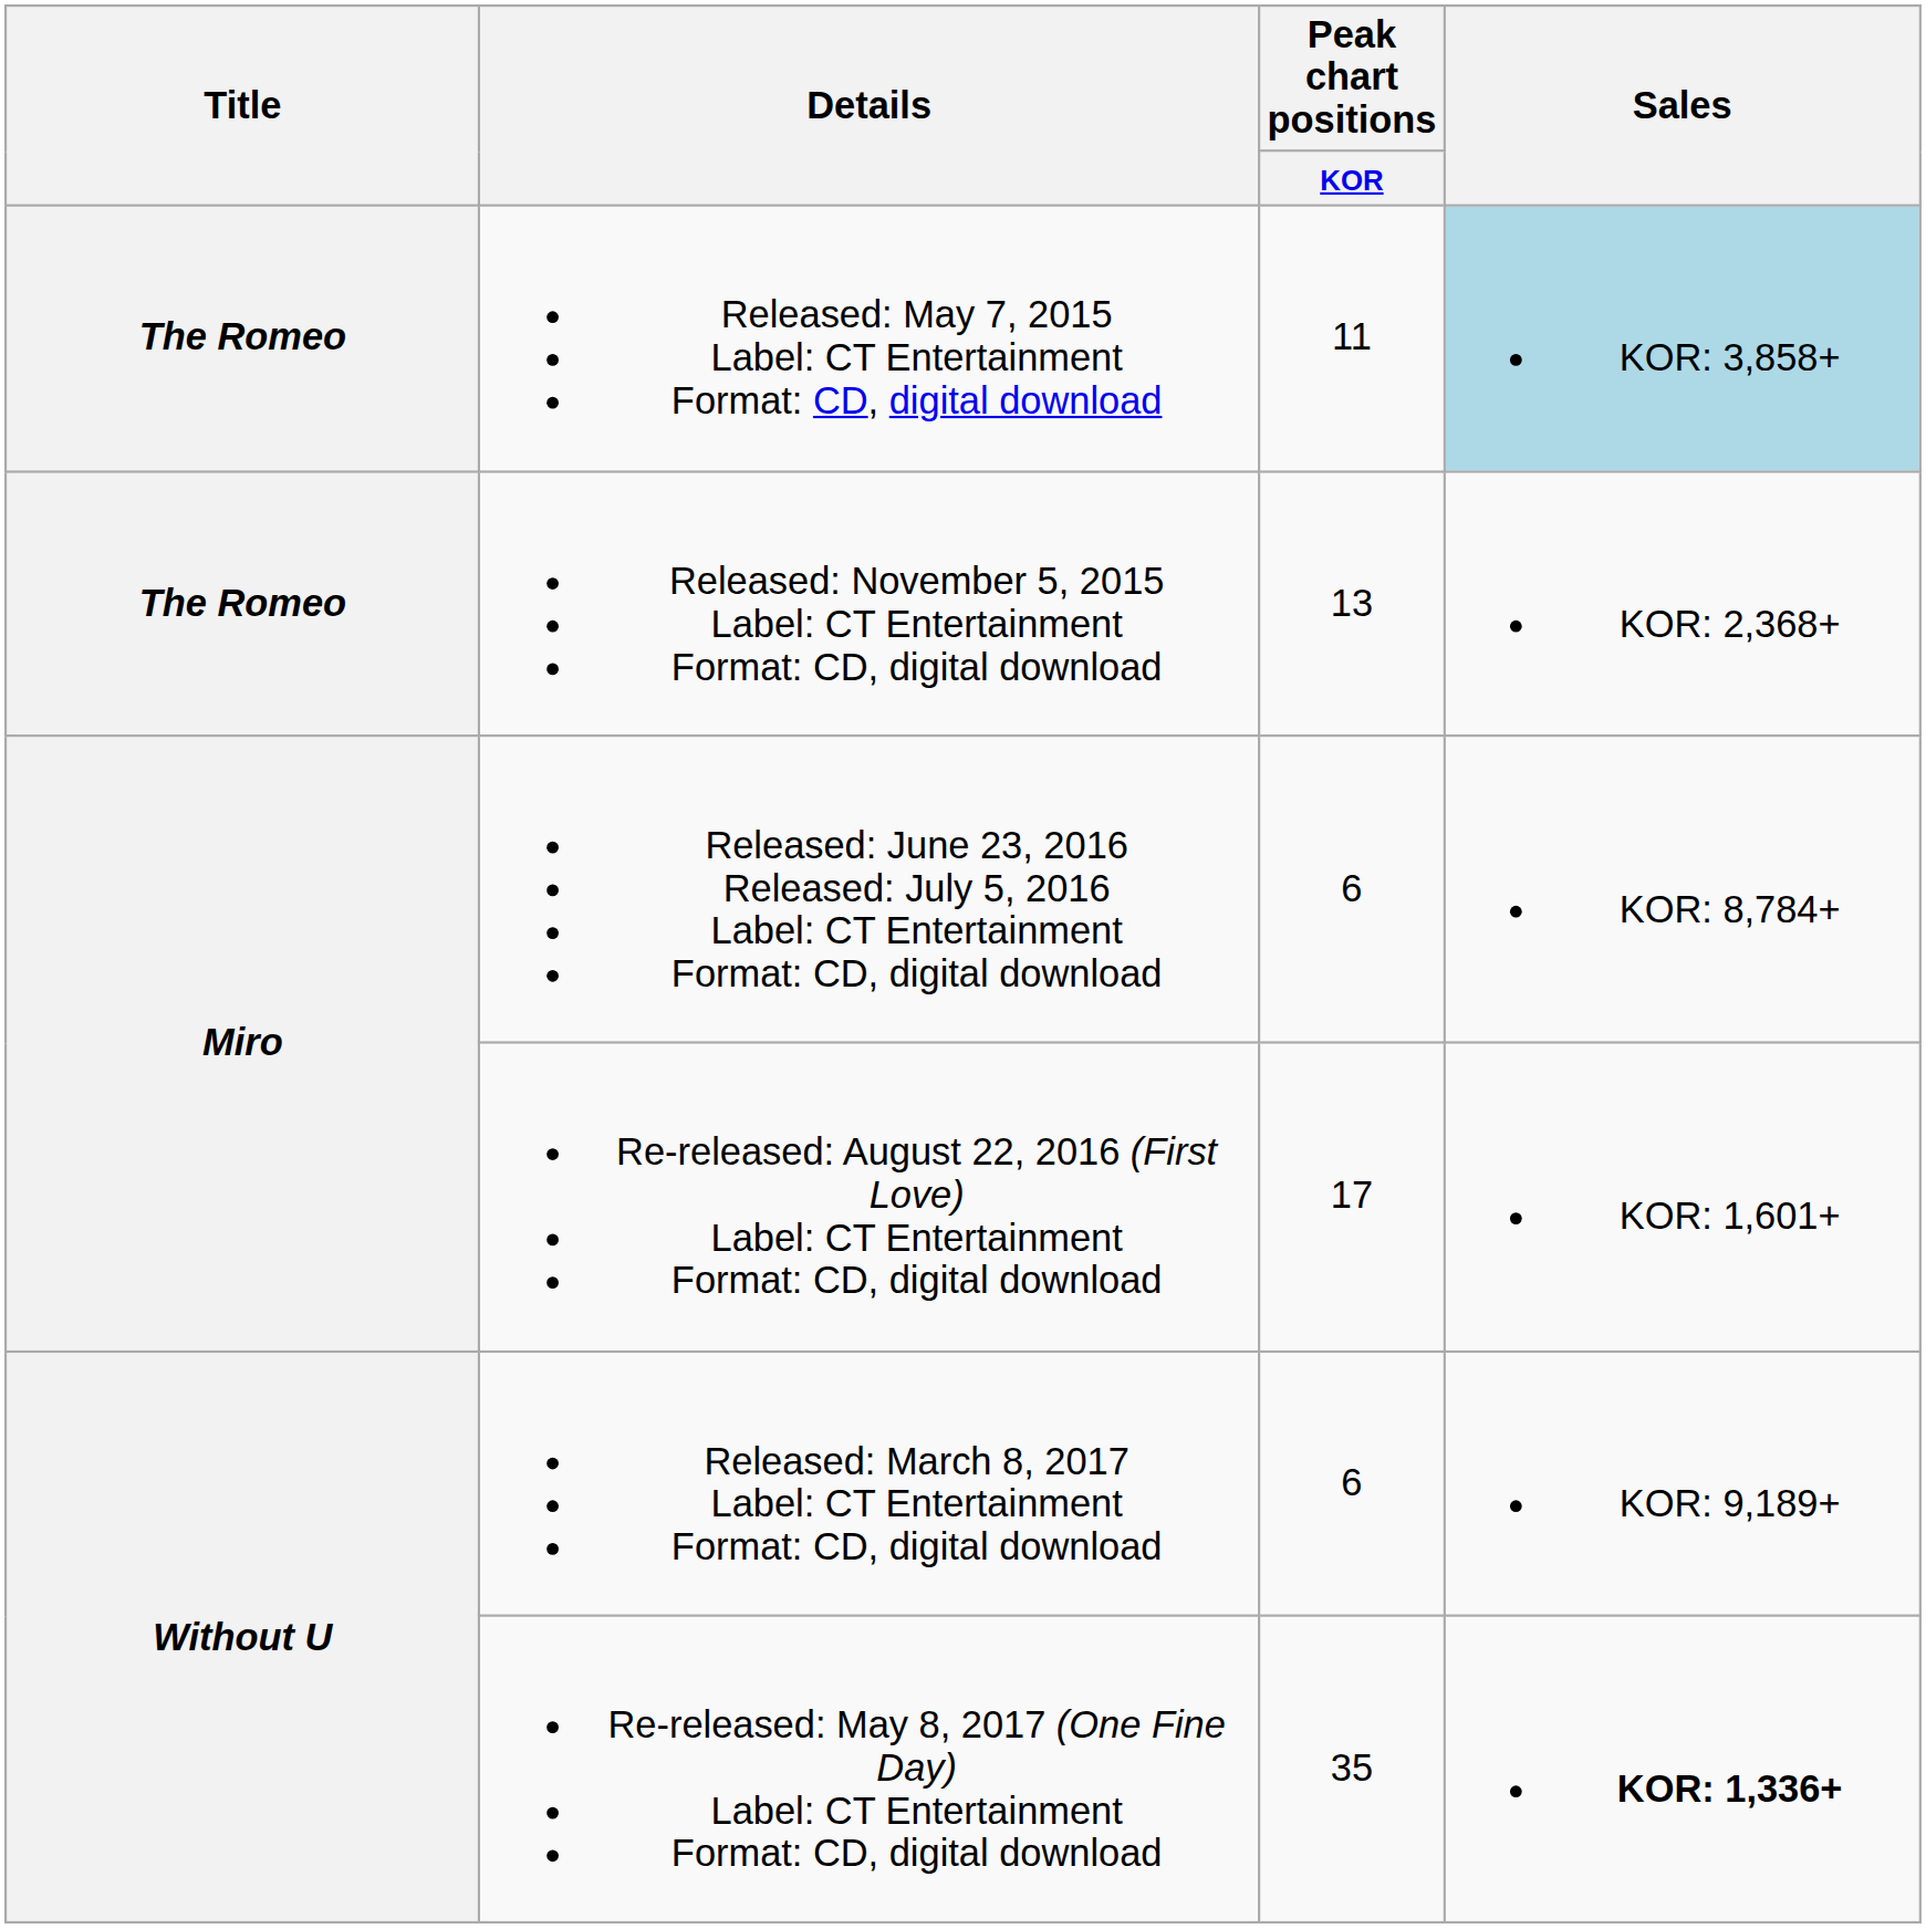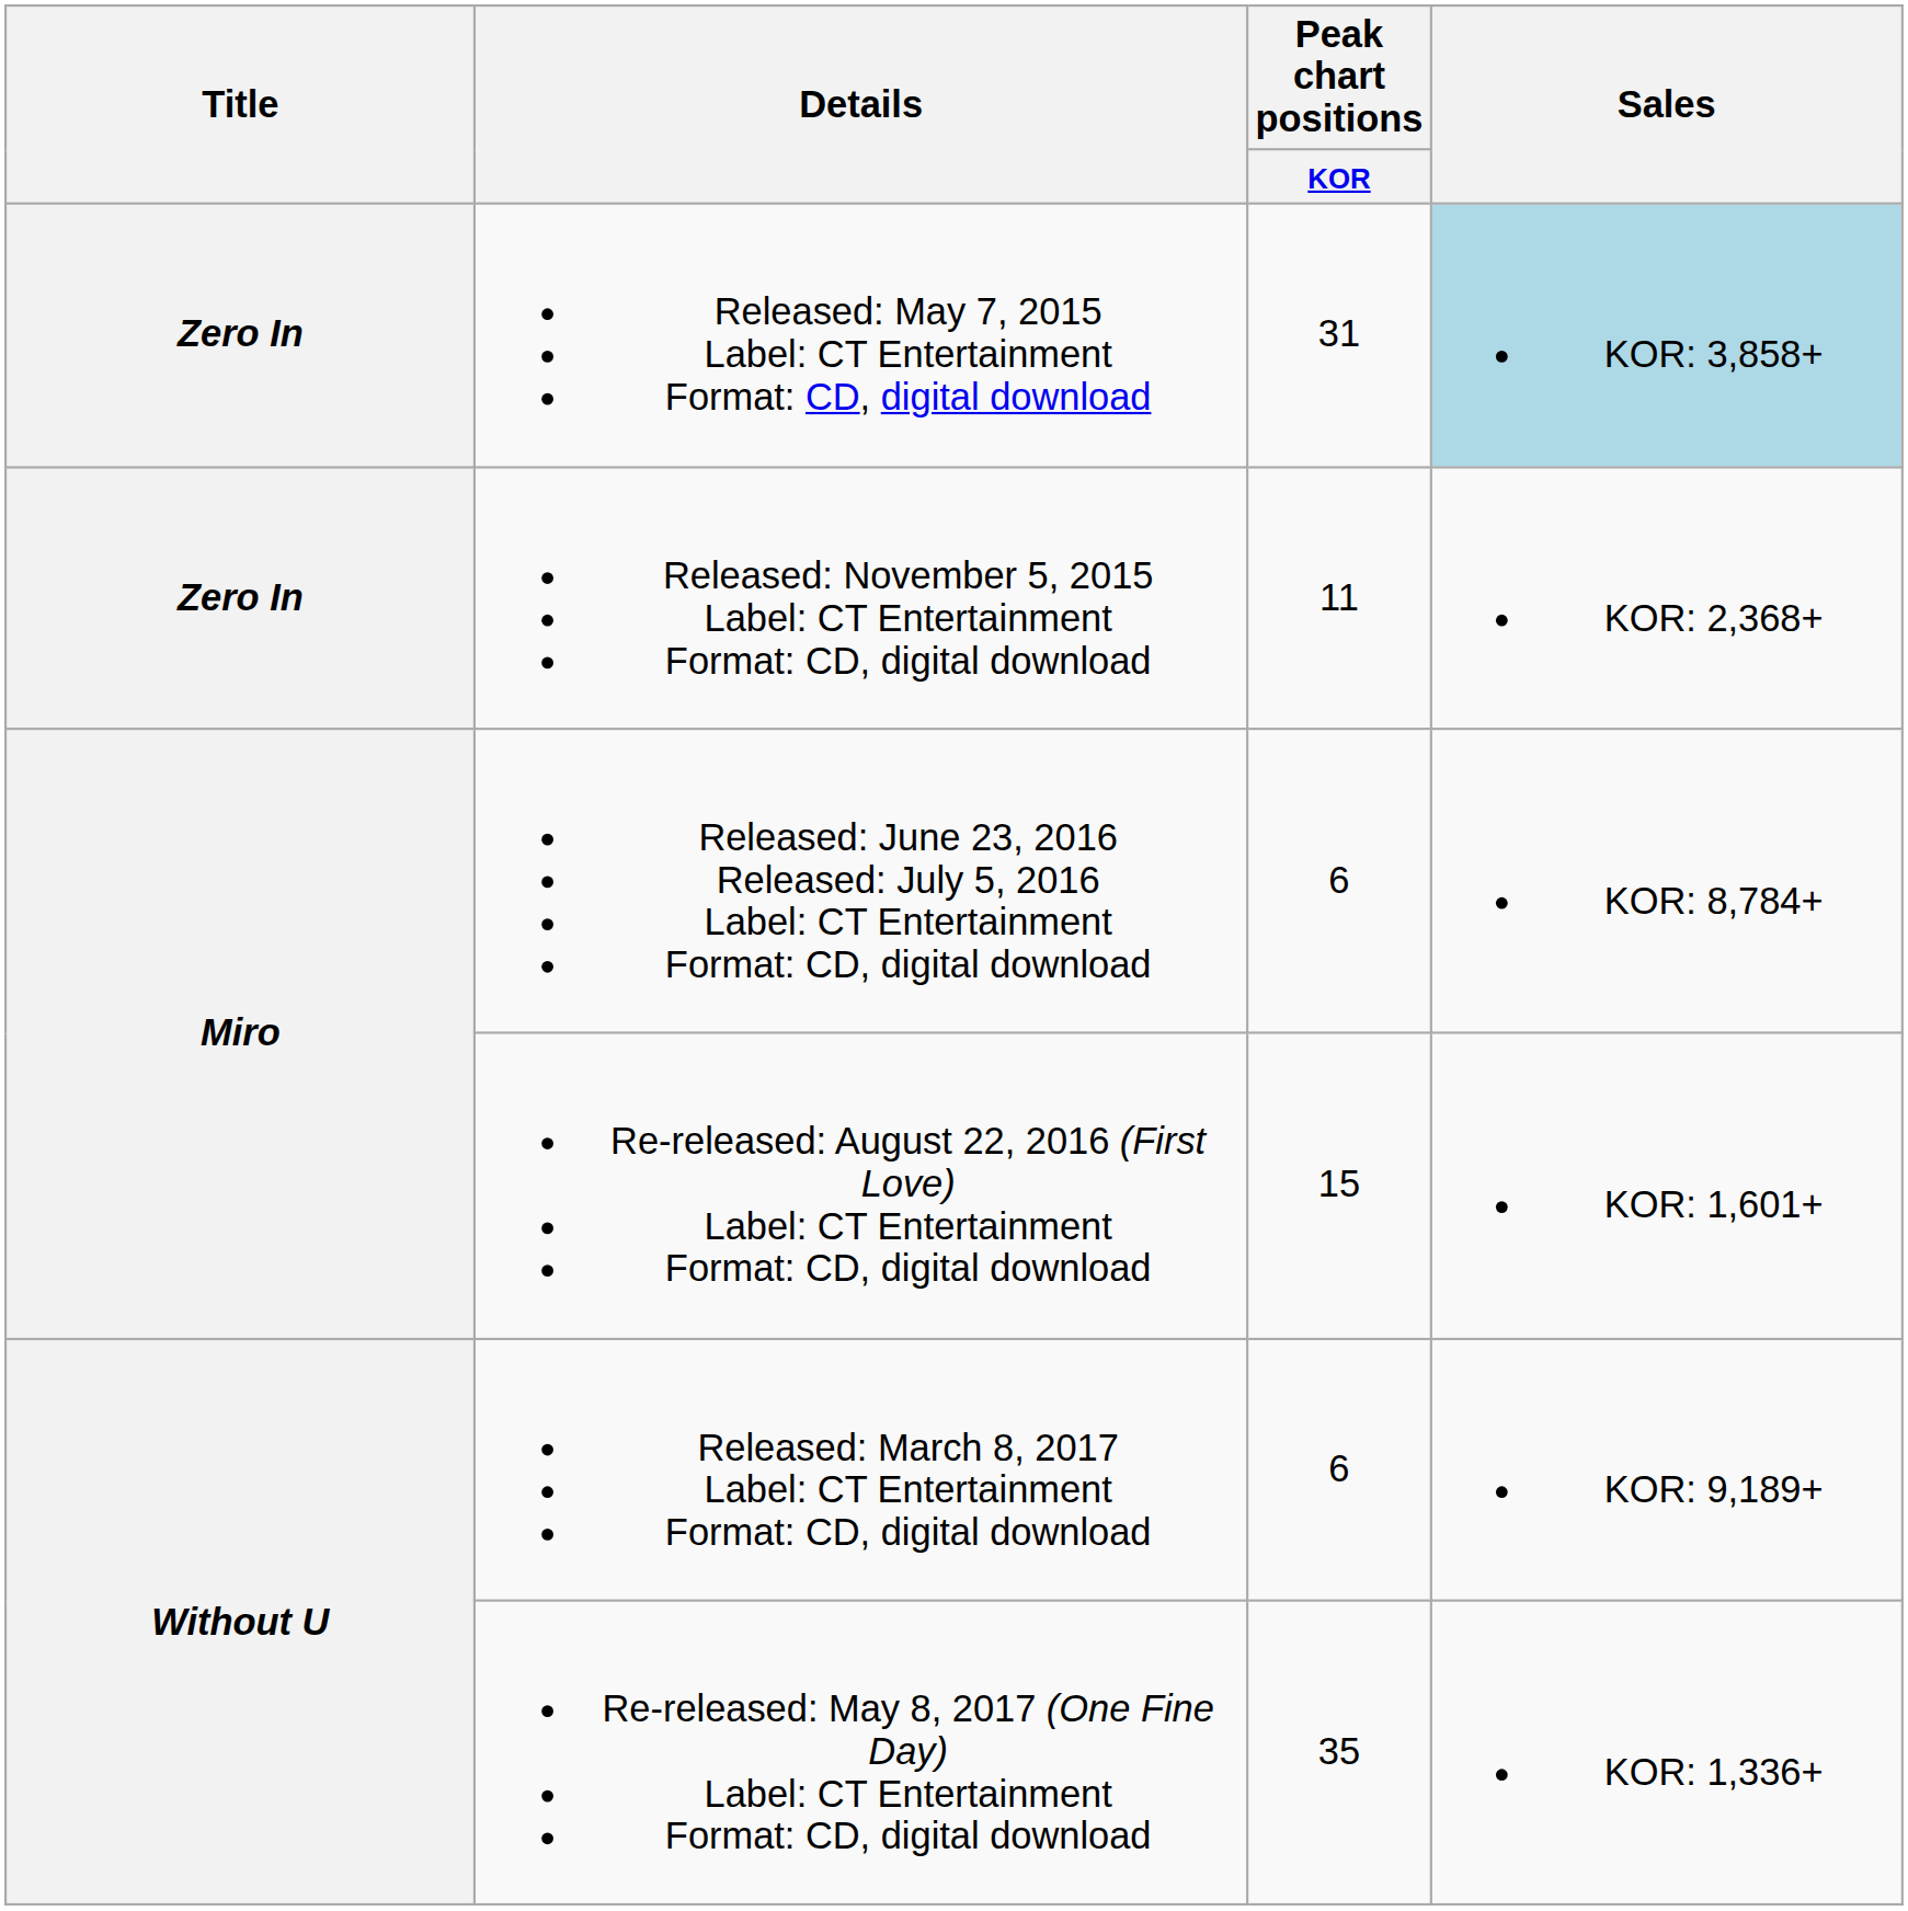 <table class="wikitable plainrowheaders" style="text-align:center;">
 <tr>
 <th scope="col" rowspan="2" style="width:12em;">Title</th>
 <th scope="col" rowspan="2" style="width:20em;">Details</th>
 <th scope="col" colspan="1">Peak chart positions</th>
 <th scope="col" rowspan="2" style="width:12em;">Sales</th>
 </tr>
 <tr>
 <th scope="col" style="width:3.5em;font-size:90%;"><small><a href='#'>KOR</a></small></th>
 </tr>
 <tr>
-<th scope="row"><em>The Romeo</em></th>
+<th scope="row"><em>Zero In</em></th>
 <td><br><ul><li>Released: May 7, 2015</li><li>Label: CT Entertainment</li><li>Format: <a href='#'>CD</a>, <a href='#'>digital download</a></li></ul></td>
-<td>11</td>
+<td>31</td>
 <td style="background: lightblue;"><br><ul><li>KOR: 3,858+</li></ul></td>
 </tr>
 <tr>
-<th scope="row"><em>The Romeo</em></th>
+<th scope="row"><em>Zero In</em></th>
 <td><br><ul><li>Released: November 5, 2015</li><li>Label: CT Entertainment</li><li>Format: CD, digital download</li></ul></td>
-<td>13</td>
+<td>11</td>
 <td><br><ul><li>KOR: 2,368+</li></ul></td>
 </tr>
 <tr>
 <th scope="row" rowspan="2"><em>Miro</em></th>
 <td><br><ul><li>Released: June 23, 2016</li><li>Released: July 5, 2016</li><li>Label: CT Entertainment</li><li>Format: CD, digital download</li></ul></td>
 <td>6</td>
 <td><br><ul><li>KOR: 8,784+</li></ul></td>
 </tr>
 <tr>
 <td><br><ul><li>Re-released: August 22, 2016 <em>(First Love)</em></li><li>Label: CT Entertainment</li><li>Format: CD, digital download</li></ul></td>
-<td>17</td>
+<td>15</td>
 <td><br><ul><li>KOR: 1,601+</li></ul></td>
 </tr>
 <tr>
 <th scope="row" rowspan="2"><em>Without U</em></th>
 <td><br><ul><li>Released: March 8, 2017</li><li>Label: CT Entertainment</li><li>Format: CD, digital download</li></ul></td>
 <td>6</td>
 <td><br><ul><li>KOR: 9,189+</li></ul></td>
 </tr>
 <tr>
 <td><br><ul><li>Re-released: May 8, 2017 <em>(One Fine Day)</em></li><li>Label: CT Entertainment</li><li>Format: CD, digital download</li></ul></td>
 <td>35</td>
-<td><strong><br><ul><li>KOR: 1,336+</li></ul></strong></td>
+<td><br><ul><li>KOR: 1,336+</li></ul></td>
 </tr>
 </table>
